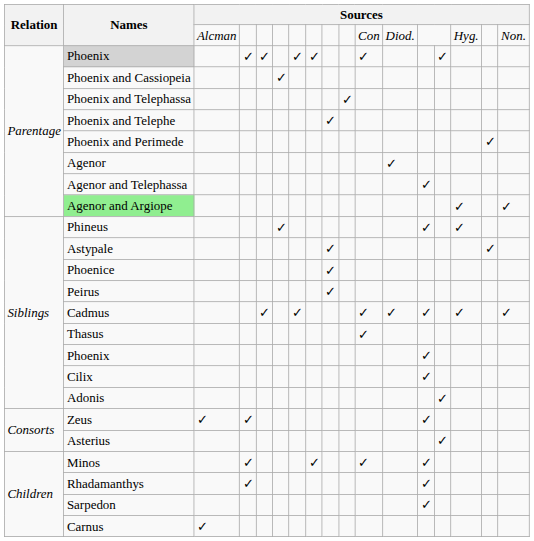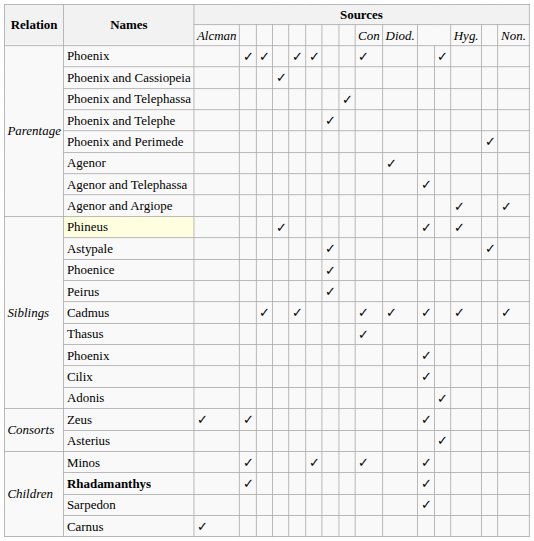 <table class="wikitable">
 <tr>
 <th rowspan="2">Relation</th>
 <th rowspan="2">Names</th>
 <th colspan="15">Sources</th>
 </tr>
 <tr>
 <td><em>Alcman</em></td>
 <td></td>
 <td></td>
 <td></td>
 <td></td>
 <td></td>
 <td></td>
 <td></td>
 <td><em>Con</em></td>
 <td><em>Diod.</em></td>
 <td colspan="2"></td>
 <td><em>Hyg.</em></td>
 <td></td>
 <td><em>Non.</em></td>
 </tr>
 <tr>
 <td rowspan="8"><em>Parentage</em></td>
-<td style="background: lightgrey;">Phoenix</td>
+<td>Phoenix</td>
 <td></td>
 <td>✓</td>
 <td>✓</td>
 <td></td>
 <td>✓</td>
 <td>✓</td>
 <td></td>
 <td></td>
 <td>✓</td>
 <td></td>
 <td></td>
 <td>✓</td>
 <td></td>
 <td></td>
 <td></td>
 </tr>
 <tr>
 <td>Phoenix and Cassiopeia</td>
 <td></td>
 <td></td>
 <td></td>
 <td>✓</td>
 <td></td>
 <td></td>
 <td></td>
 <td></td>
 <td></td>
 <td></td>
 <td></td>
 <td></td>
 <td></td>
 <td></td>
 <td></td>
 </tr>
 <tr>
 <td>Phoenix and Telephassa</td>
 <td></td>
 <td></td>
 <td></td>
 <td></td>
 <td></td>
 <td></td>
 <td></td>
 <td>✓</td>
 <td></td>
 <td></td>
 <td></td>
 <td></td>
 <td></td>
 <td></td>
 <td></td>
 </tr>
 <tr>
 <td>Phoenix and Telephe</td>
 <td></td>
 <td></td>
 <td></td>
 <td></td>
 <td></td>
 <td></td>
 <td>✓</td>
 <td></td>
 <td></td>
 <td></td>
 <td></td>
 <td></td>
 <td></td>
 <td></td>
 <td></td>
 </tr>
 <tr>
 <td>Phoenix and Perimede</td>
 <td></td>
 <td></td>
 <td></td>
 <td></td>
 <td></td>
 <td></td>
 <td></td>
 <td></td>
 <td></td>
 <td></td>
 <td></td>
 <td></td>
 <td></td>
 <td>✓</td>
 <td></td>
 </tr>
 <tr>
 <td>Agenor</td>
 <td></td>
 <td></td>
 <td></td>
 <td></td>
 <td></td>
 <td></td>
 <td></td>
 <td></td>
 <td></td>
 <td>✓</td>
 <td></td>
 <td></td>
 <td></td>
 <td></td>
 <td></td>
 </tr>
 <tr>
 <td>Agenor and Telephassa</td>
 <td></td>
 <td></td>
 <td></td>
 <td></td>
 <td></td>
 <td></td>
 <td></td>
 <td></td>
 <td></td>
 <td></td>
 <td>✓</td>
 <td></td>
 <td></td>
 <td></td>
 <td></td>
 </tr>
 <tr>
-<td style="background: lightgreen;">Agenor and Argiope</td>
+<td>Agenor and Argiope</td>
 <td></td>
 <td></td>
 <td></td>
 <td></td>
 <td></td>
 <td></td>
 <td></td>
 <td></td>
 <td></td>
 <td></td>
 <td></td>
 <td></td>
 <td>✓</td>
 <td></td>
 <td>✓</td>
 </tr>
 <tr>
 <td rowspan="9"><em>Siblings</em></td>
-<td>Phineus</td>
+<td style="background: lightyellow;">Phineus</td>
 <td></td>
 <td></td>
 <td></td>
 <td>✓</td>
 <td></td>
 <td></td>
 <td></td>
 <td></td>
 <td></td>
 <td></td>
 <td>✓</td>
 <td></td>
 <td>✓</td>
 <td></td>
 <td></td>
 </tr>
 <tr>
 <td>Astypale</td>
 <td></td>
 <td></td>
 <td></td>
 <td></td>
 <td></td>
 <td></td>
 <td>✓</td>
 <td></td>
 <td></td>
 <td></td>
 <td></td>
 <td></td>
 <td></td>
 <td>✓</td>
 <td></td>
 </tr>
 <tr>
 <td>Phoenice</td>
 <td></td>
 <td></td>
 <td></td>
 <td></td>
 <td></td>
 <td></td>
 <td>✓</td>
 <td></td>
 <td></td>
 <td></td>
 <td></td>
 <td></td>
 <td></td>
 <td></td>
 <td></td>
 </tr>
 <tr>
 <td>Peirus</td>
 <td></td>
 <td></td>
 <td></td>
 <td></td>
 <td></td>
 <td></td>
 <td>✓</td>
 <td></td>
 <td></td>
 <td></td>
 <td></td>
 <td></td>
 <td></td>
 <td></td>
 <td></td>
 </tr>
 <tr>
 <td>Cadmus</td>
 <td></td>
 <td></td>
 <td>✓</td>
 <td></td>
 <td>✓</td>
 <td></td>
 <td></td>
 <td></td>
 <td>✓</td>
 <td>✓</td>
 <td>✓</td>
 <td></td>
 <td>✓</td>
 <td></td>
 <td>✓</td>
 </tr>
 <tr>
 <td>Thasus</td>
 <td></td>
 <td></td>
 <td></td>
 <td></td>
 <td></td>
 <td></td>
 <td></td>
 <td></td>
 <td>✓</td>
 <td></td>
 <td></td>
 <td></td>
 <td></td>
 <td></td>
 <td></td>
 </tr>
 <tr>
 <td>Phoenix</td>
 <td></td>
 <td></td>
 <td></td>
 <td></td>
 <td></td>
 <td></td>
 <td></td>
 <td></td>
 <td></td>
 <td></td>
 <td>✓</td>
 <td></td>
 <td></td>
 <td></td>
 <td></td>
 </tr>
 <tr>
 <td>Cilix</td>
 <td></td>
 <td></td>
 <td></td>
 <td></td>
 <td></td>
 <td></td>
 <td></td>
 <td></td>
 <td></td>
 <td></td>
 <td>✓</td>
 <td></td>
 <td></td>
 <td></td>
 <td></td>
 </tr>
 <tr>
 <td>Adonis</td>
 <td></td>
 <td></td>
 <td></td>
 <td></td>
 <td></td>
 <td></td>
 <td></td>
 <td></td>
 <td></td>
 <td></td>
 <td></td>
 <td>✓</td>
 <td></td>
 <td></td>
 <td></td>
 </tr>
 <tr>
 <td rowspan="2"><em>Consorts</em></td>
 <td>Zeus</td>
 <td>✓</td>
 <td>✓</td>
 <td></td>
 <td></td>
 <td></td>
 <td></td>
 <td></td>
 <td></td>
 <td></td>
 <td></td>
 <td>✓</td>
 <td></td>
 <td></td>
 <td></td>
 <td></td>
 </tr>
 <tr>
 <td>Asterius</td>
 <td></td>
 <td></td>
 <td></td>
 <td></td>
 <td></td>
 <td></td>
 <td></td>
 <td></td>
 <td></td>
 <td></td>
 <td></td>
 <td>✓</td>
 <td></td>
 <td></td>
 <td></td>
 </tr>
 <tr>
 <td rowspan="4"><em>Children</em></td>
 <td>Minos</td>
 <td></td>
 <td>✓</td>
 <td></td>
 <td></td>
 <td></td>
 <td>✓</td>
 <td></td>
 <td></td>
 <td>✓</td>
 <td></td>
 <td>✓</td>
 <td></td>
 <td></td>
 <td></td>
 <td></td>
 </tr>
 <tr>
-<td>Rhadamanthys</td>
+<td><strong>Rhadamanthys</strong></td>
 <td></td>
 <td>✓</td>
 <td></td>
 <td></td>
 <td></td>
 <td></td>
 <td></td>
 <td></td>
 <td></td>
 <td></td>
 <td>✓</td>
 <td></td>
 <td></td>
 <td></td>
 <td></td>
 </tr>
 <tr>
 <td>Sarpedon</td>
 <td></td>
 <td></td>
 <td></td>
 <td></td>
 <td></td>
 <td></td>
 <td></td>
 <td></td>
 <td></td>
 <td></td>
 <td>✓</td>
 <td></td>
 <td></td>
 <td></td>
 <td></td>
 </tr>
 <tr>
 <td>Carnus</td>
 <td>✓</td>
 <td></td>
 <td></td>
 <td></td>
 <td></td>
 <td></td>
 <td></td>
 <td></td>
 <td></td>
 <td></td>
 <td></td>
 <td></td>
 <td></td>
 <td></td>
 <td></td>
 </tr>
 </table>
